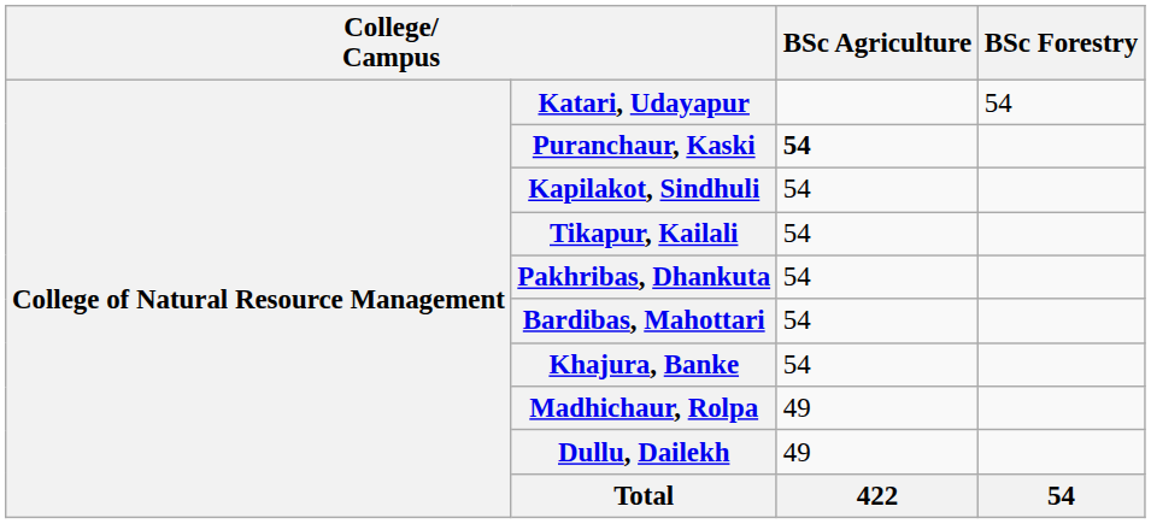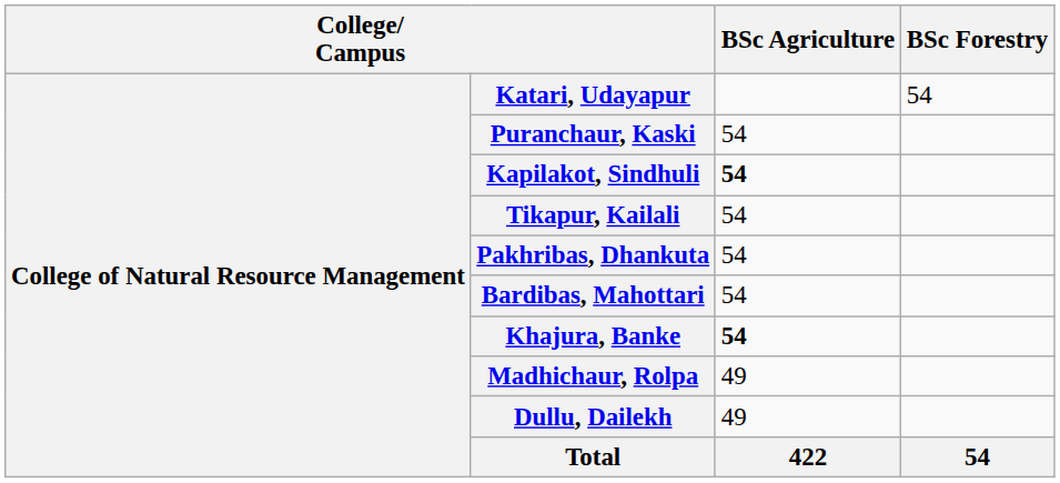 <table class="wikitable">
 <tr>
 <th colspan="2">College/<br>Campus</th>
 <th>BSc Agriculture</th>
 <th>BSc Forestry</th>
 </tr>
 <tr>
 <th rowspan="10">College of Natural Resource Management</th>
 <th><a href='#'>Katari</a>, <a href='#'>Udayapur</a></th>
 <td></td>
 <td>54</td>
 </tr>
 <tr>
 <th><a href='#'>Puranchaur</a>, <a href='#'>Kaski</a></th>
-<td><strong>54</strong></td>
+<td>54</td>
 <td></td>
 </tr>
 <tr>
 <th><a href='#'>Kapilakot</a>, <a href='#'>Sindhuli</a></th>
-<td>54</td>
+<td><strong>54</strong></td>
 <td></td>
 </tr>
 <tr>
 <th><a href='#'>Tikapur</a>, <a href='#'>Kailali</a></th>
 <td>54</td>
 <td></td>
 </tr>
 <tr>
 <th><a href='#'>Pakhribas</a>, <a href='#'>Dhankuta</a></th>
 <td>54</td>
 <td></td>
 </tr>
 <tr>
 <th><a href='#'>Bardibas</a>, <a href='#'>Mahottari</a></th>
 <td>54</td>
 <td></td>
 </tr>
 <tr>
 <th><a href='#'>Khajura</a>, <a href='#'>Banke</a></th>
-<td>54</td>
+<td><strong>54</strong></td>
 <td></td>
 </tr>
 <tr>
 <th><a href='#'>Madhichaur</a>, <a href='#'>Rolpa</a></th>
 <td>49</td>
 <td></td>
 </tr>
 <tr>
 <th><a href='#'>Dullu</a>, <a href='#'>Dailekh</a></th>
 <td>49</td>
 <td></td>
 </tr>
 <tr>
 <th>Total</th>
 <th>422</th>
 <th>54</th>
 </tr>
 </table>
